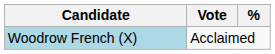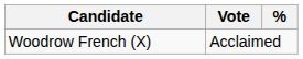 <table class="wikitable">
 <tr>
 <th bgcolor="#DDDDFF" width="200px">Candidate</th>
 <th bgcolor="#DDDDFF" width="50px">Vote</th>
 <th bgcolor="#DDDDFF" width="30px">%</th>
 </tr>
 <tr>
-<td style="background: lightblue;">Woodrow French (X)</td>
+<td>Woodrow French (X)</td>
 <td colspan="2">Acclaimed</td>
 </tr>
 </table>
